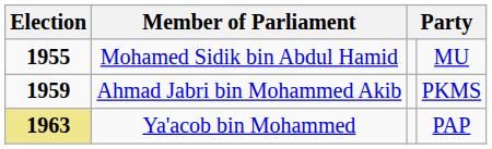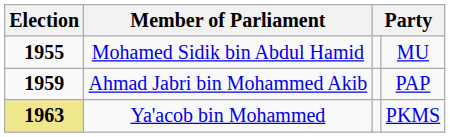 <table class="wikitable" align="center" style="text-align:center">
 <tr>
 <th>Election</th>
 <th>Member of Parliament</th>
 <th colspan="2">Party</th>
 </tr>
 <tr>
 <td><strong>1955</strong></td>
 <td><a href='#'>Mohamed Sidik bin Abdul Hamid</a></td>
 <td rowspan="1" style="color:inherit;background-color:"></td>
 <td rowspan="1"><a href='#'>MU</a></td>
 </tr>
 <tr>
 <td><strong>1959</strong></td>
 <td><a href='#'>Ahmad Jabri bin Mohammed Akib</a></td>
 <td rowspan="1" style="color:inherit;background-color:"></td>
-<td rowspan="1"><a href='#'>PKMS</a></td>
+<td rowspan="1"><a href='#'>PAP</a></td>
 </tr>
 <tr>
 <td style="background: khaki;"><strong>1963</strong></td>
 <td><a href='#'>Ya'acob bin Mohammed</a></td>
 <td rowspan="1" style="color:inherit;background-color:"></td>
-<td rowspan="1"><a href='#'>PAP</a></td>
+<td rowspan="1"><a href='#'>PKMS</a></td>
 </tr>
 </table>
